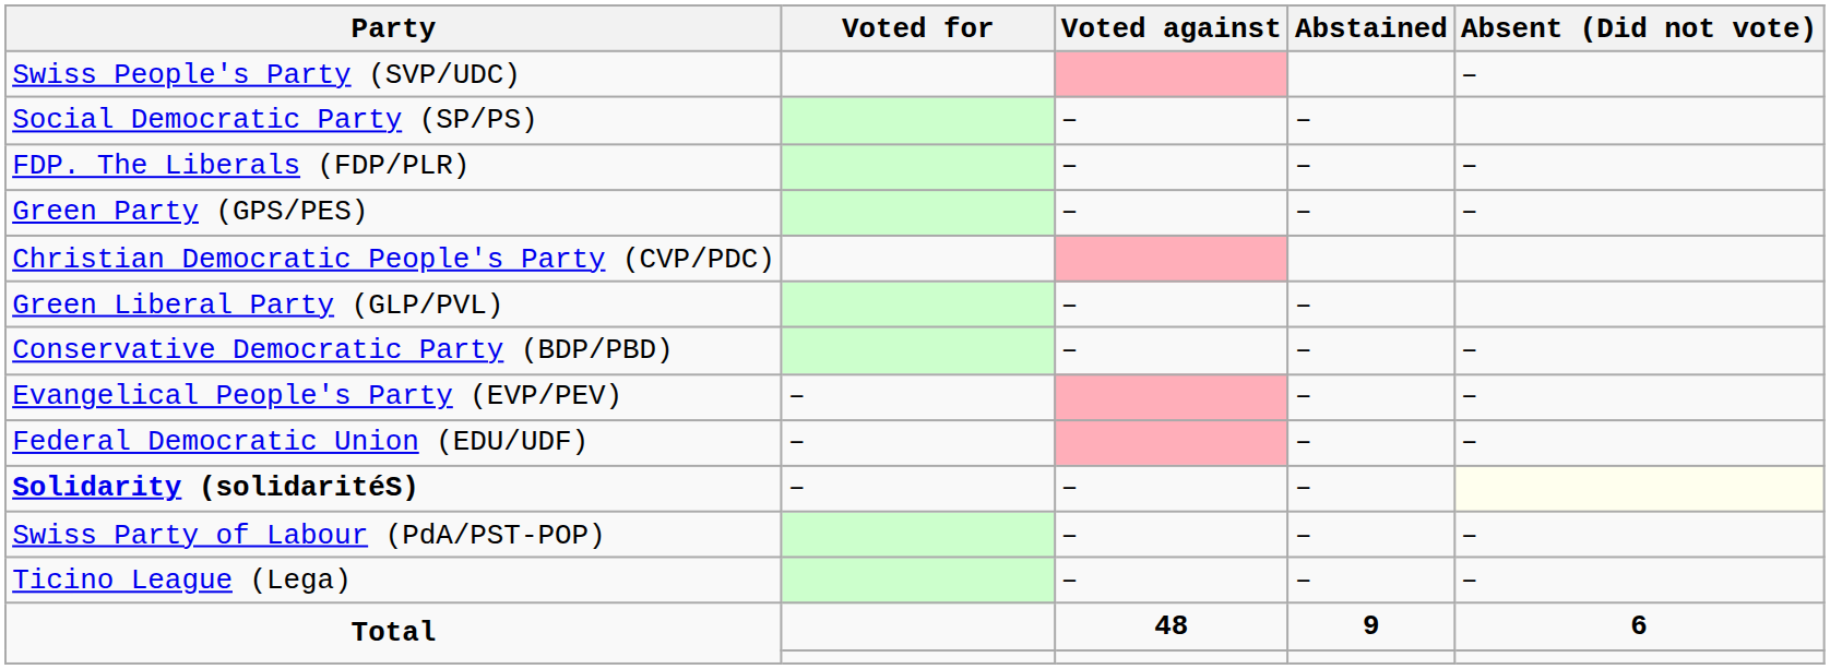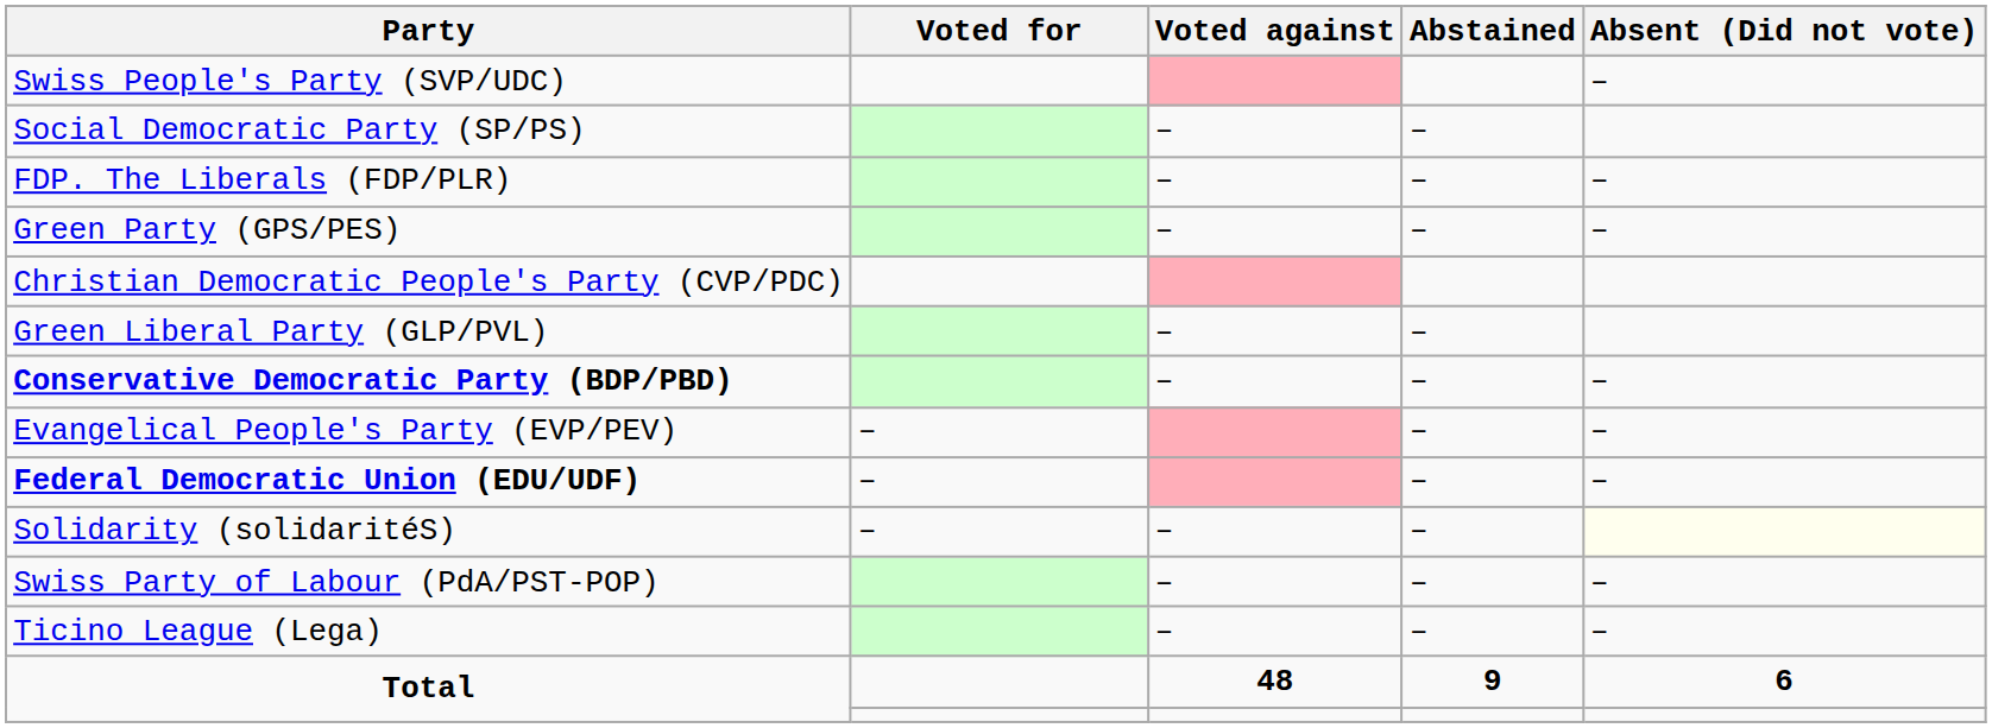 <table class="wikitable">
 <tr>
 <th>Party</th>
 <th style="width:15%;">Voted for</th>
 <th>Voted against</th>
 <th>Abstained</th>
 <th>Absent (Did not vote)</th>
 </tr>
 <tr>
 <td> <a href='#'>Swiss People's Party</a> (SVP/UDC)</td>
 <td></td>
 <td style="background-color:#FFAEB9;"></td>
 <td></td>
 <td>–</td>
 </tr>
 <tr>
 <td> <a href='#'>Social Democratic Party</a> (SP/PS)</td>
 <td style="background-color:#CCFFCC;"></td>
 <td>–</td>
 <td>–</td>
 <td></td>
 </tr>
 <tr>
 <td> <a href='#'>FDP. The Liberals</a> (FDP/PLR)</td>
 <td style="background-color:#CCFFCC;"></td>
 <td>–</td>
 <td>–</td>
 <td>–</td>
 </tr>
 <tr>
 <td> <a href='#'>Green Party</a> (GPS/PES)</td>
 <td style="background-color:#CCFFCC;"></td>
 <td>–</td>
 <td>–</td>
 <td>–</td>
 </tr>
 <tr>
 <td> <a href='#'>Christian Democratic People's Party</a> (CVP/PDC)</td>
 <td></td>
 <td style="background-color:#FFAEB9;"></td>
 <td></td>
 <td></td>
 </tr>
 <tr>
 <td> <a href='#'>Green Liberal Party</a> (GLP/PVL)</td>
 <td style="background-color:#CCFFCC;"></td>
 <td>–</td>
 <td>–</td>
 <td></td>
 </tr>
 <tr>
-<td> <a href='#'>Conservative Democratic Party</a> (BDP/PBD)</td>
+<td><strong> <a href='#'>Conservative Democratic Party</a> (BDP/PBD)</strong></td>
 <td style="background-color:#CCFFCC;"></td>
 <td>–</td>
 <td>–</td>
 <td>–</td>
 </tr>
 <tr>
 <td> <a href='#'>Evangelical People's Party</a> (EVP/PEV)</td>
 <td>–</td>
 <td style="background-color:#FFAEB9;"></td>
 <td>–</td>
 <td>–</td>
 </tr>
 <tr>
-<td> <a href='#'>Federal Democratic Union</a> (EDU/UDF)</td>
+<td><strong> <a href='#'>Federal Democratic Union</a> (EDU/UDF)</strong></td>
 <td>–</td>
 <td style="background-color:#FFAEB9;"></td>
 <td>–</td>
 <td>–</td>
 </tr>
 <tr>
-<td><strong> <a href='#'>Solidarity</a> (solidaritéS)</strong></td>
+<td> <a href='#'>Solidarity</a> (solidaritéS)</td>
 <td>–</td>
 <td>–</td>
 <td>–</td>
 <td style="background-color:#FFE;"></td>
 </tr>
 <tr>
 <td> <a href='#'>Swiss Party of Labour</a> (PdA/PST-POP)</td>
 <td style="background-color:#CCFFCC;"></td>
 <td>–</td>
 <td>–</td>
 <td>–</td>
 </tr>
 <tr>
 <td> <a href='#'>Ticino League</a> (Lega)</td>
 <td style="background-color:#CCFFCC;"></td>
 <td>–</td>
 <td>–</td>
 <td>–</td>
 </tr>
 <tr>
 <td style="text-align:center;" rowspan="2"><strong>Total</strong></td>
 <td></td>
 <td style="text-align:center;"><strong>48</strong></td>
 <td style="text-align:center;"><strong>9</strong></td>
 <td style="text-align:center;"><strong>6</strong></td>
 </tr>
 <tr>
 <td style="text-align:center;"></td>
 <td style="text-align:center;"></td>
 <td style="text-align:center;"></td>
 <td style="text-align:center;"></td>
 </tr>
 </table>
